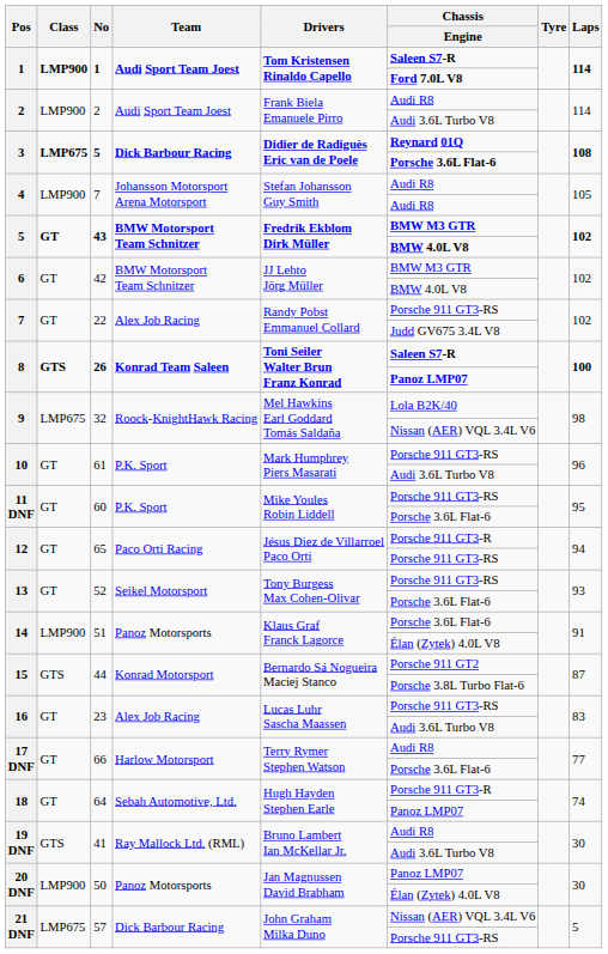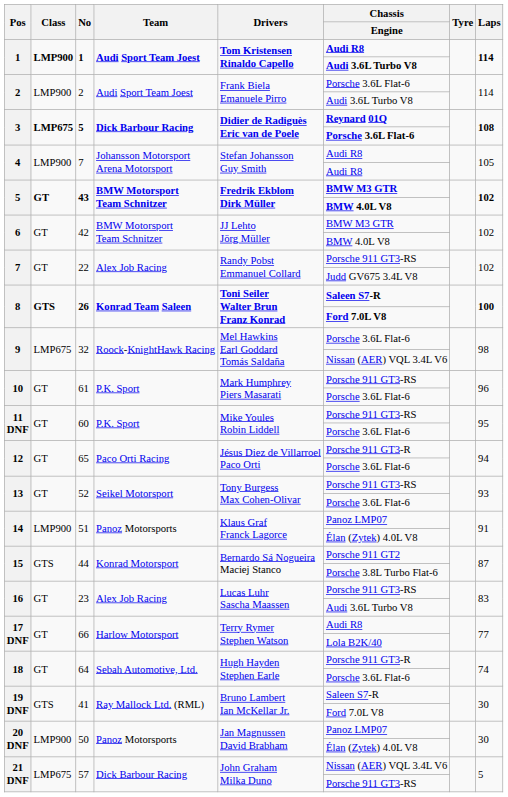 <table class="wikitable" style="font-size: 95%;">
 <tr>
 <th rowspan=2>Pos</th>
 <th rowspan=2>Class</th>
 <th rowspan=2>No</th>
 <th rowspan=2>Team</th>
 <th rowspan=2>Drivers</th>
 <th>Chassis</th>
 <th rowspan=2>Tyre</th>
 <th rowspan=2>Laps</th>
 </tr>
 <tr>
 <th>Engine</th>
 </tr>
 <tr style="font-weight:bold">
 <th rowspan=2>1</th>
 <td rowspan=2>LMP900</td>
 <td rowspan=2>1</td>
 <td rowspan=2> <a href='#'>Audi</a> <a href='#'>Sport Team Joest</a></td>
 <td rowspan=2> <a href='#'>Tom Kristensen</a><br> <a href='#'>Rinaldo Capello</a></td>
-<td><a href='#'>Saleen S7</a>-R</td>
+<td><a href='#'>Audi R8</a></td>
 <td rowspan=2></td>
 <td rowspan=2>114</td>
 </tr>
 <tr style="font-weight:bold">
-<td><a href='#'>Ford</a> 7.0L V8</td>
+<td><a href='#'>Audi</a> 3.6L Turbo V8</td>
 </tr>
 <tr>
 <th rowspan=2>2</th>
 <td rowspan=2>LMP900</td>
 <td rowspan=2>2</td>
 <td rowspan=2> <a href='#'>Audi</a> <a href='#'>Sport Team Joest</a></td>
 <td rowspan=2> <a href='#'>Frank Biela</a><br> <a href='#'>Emanuele Pirro</a></td>
-<td><a href='#'>Audi R8</a></td>
+<td><a href='#'>Porsche</a> 3.6L Flat-6</td>
 <td rowspan=2></td>
 <td rowspan=2>114</td>
 </tr>
 <tr>
 <td><a href='#'>Audi</a> 3.6L Turbo V8</td>
 </tr>
 <tr style="font-weight:bold">
 <th rowspan=2>3</th>
 <td rowspan=2>LMP675</td>
 <td rowspan=2>5</td>
 <td rowspan=2> <a href='#'>Dick Barbour Racing</a></td>
 <td rowspan=2> <a href='#'>Didier de Radiguès</a><br> <a href='#'>Eric van de Poele</a></td>
 <td><a href='#'>Reynard</a> <a href='#'>01Q</a></td>
 <td rowspan=2></td>
 <td rowspan=2>108</td>
 </tr>
 <tr style="font-weight:bold">
 <td><a href='#'>Porsche</a> 3.6L Flat-6</td>
 </tr>
 <tr>
 <th rowspan=2>4</th>
 <td rowspan=2>LMP900</td>
 <td rowspan=2>7</td>
 <td rowspan=2> <a href='#'>Johansson Motorsport</a><br> <a href='#'>Arena Motorsport</a></td>
 <td rowspan=2> <a href='#'>Stefan Johansson</a><br> <a href='#'>Guy Smith</a></td>
 <td><a href='#'>Audi R8</a></td>
 <td rowspan=2></td>
 <td rowspan=2>105</td>
 </tr>
 <tr>
 <td><a href='#'>Audi R8</a></td>
 </tr>
 <tr style="font-weight:bold">
 <th rowspan=2>5</th>
 <td rowspan=2>GT</td>
 <td rowspan=2>43</td>
 <td rowspan=2> <a href='#'>BMW Motorsport</a><br> <a href='#'>Team Schnitzer</a></td>
 <td rowspan=2> <a href='#'>Fredrik Ekblom</a><br> <a href='#'>Dirk Müller</a></td>
 <td><a href='#'>BMW M3 GTR</a></td>
 <td rowspan=2></td>
 <td rowspan=2>102</td>
 </tr>
 <tr style="font-weight:bold">
 <td><a href='#'>BMW</a> 4.0L V8</td>
 </tr>
 <tr>
 <th rowspan=2>6</th>
 <td rowspan=2>GT</td>
 <td rowspan=2>42</td>
 <td rowspan=2> <a href='#'>BMW Motorsport</a><br> <a href='#'>Team Schnitzer</a></td>
 <td rowspan=2> <a href='#'>JJ Lehto</a><br> <a href='#'>Jörg Müller</a></td>
 <td><a href='#'>BMW M3 GTR</a></td>
 <td rowspan=2></td>
 <td rowspan=2>102</td>
 </tr>
 <tr>
 <td><a href='#'>BMW</a> 4.0L V8</td>
 </tr>
 <tr>
 <th rowspan=2>7</th>
 <td rowspan=2>GT</td>
 <td rowspan=2>22</td>
 <td rowspan=2> <a href='#'>Alex Job Racing</a></td>
 <td rowspan=2> <a href='#'>Randy Pobst</a><br> <a href='#'>Emmanuel Collard</a></td>
 <td><a href='#'>Porsche 911 GT3</a>-RS</td>
 <td rowspan=2></td>
 <td rowspan=2>102</td>
 </tr>
 <tr>
 <td><a href='#'>Judd</a> GV675 3.4L V8</td>
 </tr>
 <tr style="font-weight:bold">
 <th rowspan=2>8</th>
 <td rowspan=2>GTS</td>
 <td rowspan=2>26</td>
 <td rowspan=2> <a href='#'>Konrad Team</a> <a href='#'>Saleen</a></td>
 <td rowspan=2> <a href='#'>Toni Seiler</a><br> <a href='#'>Walter Brun</a><br> <a href='#'>Franz Konrad</a></td>
 <td><a href='#'>Saleen S7</a>-R</td>
 <td rowspan=2></td>
 <td rowspan=2>100</td>
 </tr>
 <tr style="font-weight:bold">
-<td><a href='#'>Panoz LMP07</a></td>
+<td><a href='#'>Ford</a> 7.0L V8</td>
 </tr>
 <tr>
 <th rowspan=2>9</th>
 <td rowspan=2>LMP675</td>
 <td rowspan=2>32</td>
 <td rowspan=2> <a href='#'>Roock</a>-<a href='#'>KnightHawk Racing</a></td>
 <td rowspan=2> <a href='#'>Mel Hawkins</a><br> <a href='#'>Earl Goddard</a><br> <a href='#'>Tomás Saldaña</a></td>
-<td><a href='#'>Lola B2K/40</a></td>
+<td><a href='#'>Porsche</a> 3.6L Flat-6</td>
 <td rowspan=2></td>
 <td rowspan=2>98</td>
 </tr>
 <tr>
 <td><a href='#'>Nissan</a> (<a href='#'>AER</a>) VQL 3.4L V6</td>
 </tr>
 <tr>
 <th rowspan=2>10</th>
 <td rowspan=2>GT</td>
 <td rowspan=2>61</td>
 <td rowspan=2> <a href='#'>P.K. Sport</a></td>
 <td rowspan=2> <a href='#'>Mark Humphrey</a><br> <a href='#'>Piers Masarati</a></td>
 <td><a href='#'>Porsche 911 GT3</a>-RS</td>
 <td rowspan=2></td>
 <td rowspan=2>96</td>
 </tr>
 <tr>
-<td><a href='#'>Audi</a> 3.6L Turbo V8</td>
+<td><a href='#'>Porsche</a> 3.6L Flat-6</td>
 </tr>
 <tr>
 <th rowspan=2>11<br>DNF</th>
 <td rowspan=2>GT</td>
 <td rowspan=2>60</td>
 <td rowspan=2> <a href='#'>P.K. Sport</a></td>
 <td rowspan=2> <a href='#'>Mike Youles</a><br> <a href='#'>Robin Liddell</a></td>
 <td><a href='#'>Porsche 911 GT3</a>-RS</td>
 <td rowspan=2></td>
 <td rowspan=2>95</td>
 </tr>
 <tr>
 <td><a href='#'>Porsche</a> 3.6L Flat-6</td>
 </tr>
 <tr>
 <th rowspan=2>12</th>
 <td rowspan=2>GT</td>
 <td rowspan=2>65</td>
 <td rowspan=2> <a href='#'>Paco Orti Racing</a></td>
 <td rowspan=2> <a href='#'>Jésus Diez de Villarroel</a><br> <a href='#'>Paco Orti</a></td>
 <td><a href='#'>Porsche 911 GT3</a>-R</td>
 <td rowspan=2></td>
 <td rowspan=2>94</td>
 </tr>
 <tr>
-<td><a href='#'>Porsche 911 GT3</a>-RS</td>
+<td><a href='#'>Porsche</a> 3.6L Flat-6</td>
 </tr>
 <tr>
 <th rowspan=2>13</th>
 <td rowspan=2>GT</td>
 <td rowspan=2>52</td>
 <td rowspan=2> <a href='#'>Seikel Motorsport</a></td>
 <td rowspan=2> <a href='#'>Tony Burgess</a><br> <a href='#'>Max Cohen-Olivar</a></td>
 <td><a href='#'>Porsche 911 GT3</a>-RS</td>
 <td rowspan=2></td>
 <td rowspan=2>93</td>
 </tr>
 <tr>
 <td><a href='#'>Porsche</a> 3.6L Flat-6</td>
 </tr>
 <tr>
 <th rowspan=2>14</th>
 <td rowspan=2>LMP900</td>
 <td rowspan=2>51</td>
 <td rowspan=2> <a href='#'>Panoz</a> Motorsports</td>
 <td rowspan=2> <a href='#'>Klaus Graf</a><br> <a href='#'>Franck Lagorce</a></td>
-<td><a href='#'>Porsche</a> 3.6L Flat-6</td>
+<td><a href='#'>Panoz LMP07</a></td>
 <td rowspan=2></td>
 <td rowspan=2>91</td>
 </tr>
 <tr>
 <td><a href='#'>Élan</a> (<a href='#'>Zytek</a>) 4.0L V8</td>
 </tr>
 <tr>
 <th rowspan=2>15</th>
 <td rowspan=2>GTS</td>
 <td rowspan=2>44</td>
 <td rowspan=2> <a href='#'>Konrad Motorsport</a></td>
 <td rowspan=2> <a href='#'>Bernardo Sá Nogueira</a><br> Maciej Stanco</td>
 <td><a href='#'>Porsche 911 GT2</a></td>
 <td rowspan=2></td>
 <td rowspan=2>87</td>
 </tr>
 <tr>
 <td><a href='#'>Porsche</a> 3.8L Turbo Flat-6</td>
 </tr>
 <tr>
 <th rowspan=2>16</th>
 <td rowspan=2>GT</td>
 <td rowspan=2>23</td>
 <td rowspan=2> <a href='#'>Alex Job Racing</a></td>
 <td rowspan=2> <a href='#'>Lucas Luhr</a><br> <a href='#'>Sascha Maassen</a></td>
 <td><a href='#'>Porsche 911 GT3</a>-RS</td>
 <td rowspan=2></td>
 <td rowspan=2>83</td>
 </tr>
 <tr>
 <td><a href='#'>Audi</a> 3.6L Turbo V8</td>
 </tr>
 <tr>
 <th rowspan=2>17<br>DNF</th>
 <td rowspan=2>GT</td>
 <td rowspan=2>66</td>
 <td rowspan=2> <a href='#'>Harlow Motorsport</a></td>
 <td rowspan=2> <a href='#'>Terry Rymer</a><br> <a href='#'>Stephen Watson</a></td>
 <td><a href='#'>Audi R8</a></td>
 <td rowspan=2></td>
 <td rowspan=2>77</td>
 </tr>
 <tr>
-<td><a href='#'>Porsche</a> 3.6L Flat-6</td>
+<td><a href='#'>Lola B2K/40</a></td>
 </tr>
 <tr>
 <th rowspan=2>18</th>
 <td rowspan=2>GT</td>
 <td rowspan=2>64</td>
 <td rowspan=2> <a href='#'>Sebah Automotive, Ltd.</a></td>
 <td rowspan=2> <a href='#'>Hugh Hayden</a><br> <a href='#'>Stephen Earle</a></td>
 <td><a href='#'>Porsche 911 GT3</a>-R</td>
 <td rowspan=2></td>
 <td rowspan=2>74</td>
 </tr>
 <tr>
-<td><a href='#'>Panoz LMP07</a></td>
+<td><a href='#'>Porsche</a> 3.6L Flat-6</td>
 </tr>
 <tr>
 <th rowspan=2>19<br>DNF</th>
 <td rowspan=2>GTS</td>
 <td rowspan=2>41</td>
 <td rowspan=2> <a href='#'>Ray Mallock Ltd.</a> (RML)</td>
 <td rowspan=2> <a href='#'>Bruno Lambert</a><br> <a href='#'>Ian McKellar Jr.</a></td>
-<td><a href='#'>Audi R8</a></td>
+<td><a href='#'>Saleen S7</a>-R</td>
 <td rowspan=2></td>
 <td rowspan=2>30</td>
 </tr>
 <tr>
-<td><a href='#'>Audi</a> 3.6L Turbo V8</td>
+<td><a href='#'>Ford</a> 7.0L V8</td>
 </tr>
 <tr>
 <th rowspan=2>20<br>DNF</th>
 <td rowspan=2>LMP900</td>
 <td rowspan=2>50</td>
 <td rowspan=2> <a href='#'>Panoz</a> Motorsports</td>
 <td rowspan=2> <a href='#'>Jan Magnussen</a><br> <a href='#'>David Brabham</a></td>
 <td><a href='#'>Panoz LMP07</a></td>
 <td rowspan=2></td>
 <td rowspan=2>30</td>
 </tr>
 <tr>
 <td><a href='#'>Élan</a> (<a href='#'>Zytek</a>) 4.0L V8</td>
 </tr>
 <tr>
 <th rowspan=2>21<br>DNF</th>
 <td rowspan=2>LMP675</td>
 <td rowspan=2>57</td>
 <td rowspan=2> <a href='#'>Dick Barbour Racing</a></td>
 <td rowspan=2> <a href='#'>John Graham</a><br> <a href='#'>Milka Duno</a></td>
 <td><a href='#'>Nissan</a> (<a href='#'>AER</a>) VQL 3.4L V6</td>
 <td rowspan=2></td>
 <td rowspan=2>5</td>
 </tr>
 <tr>
 <td><a href='#'>Porsche 911 GT3</a>-RS</td>
 </tr>
 </table>
